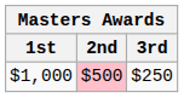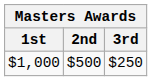 <table class="wikitable">
 <tr>
 <th colspan=3 scope="col">Masters Awards</th>
 </tr>
 <tr>
 <th scope="col">1st</th>
 <th scope="col">2nd</th>
 <th scope="col">3rd</th>
 </tr>
 <tr>
 <td>$1,000</td>
-<td style="background: pink;">$500</td>
+<td>$500</td>
 <td>$250</td>
 </tr>
 </table>
